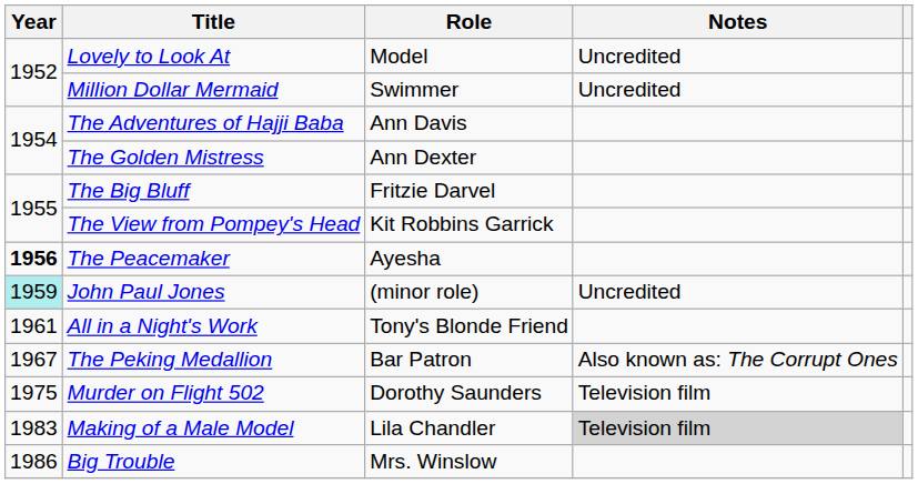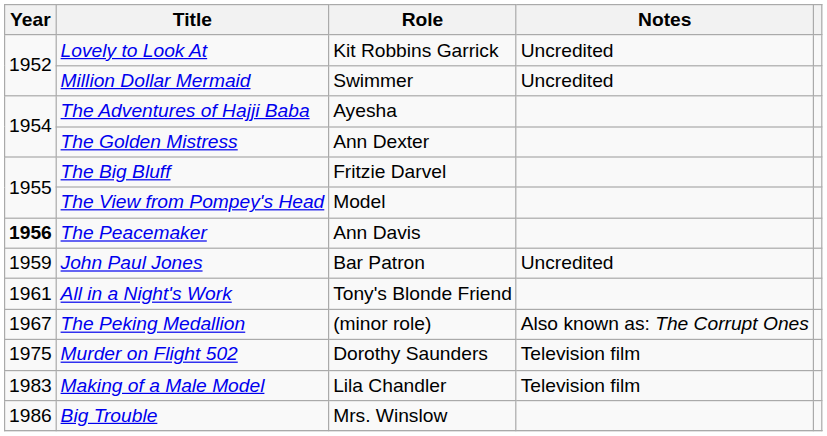 <table class="wikitable sortable">
 <tr>
 <th>Year</th>
 <th>Title</th>
 <th>Role</th>
 <th>Notes</th>
 <th class="unsortable"></th>
 </tr>
 <tr>
 <td rowspan=2>1952</td>
 <td><em><a href='#'>Lovely to Look At</a></em></td>
-<td>Model</td>
+<td>Kit Robbins Garrick</td>
 <td>Uncredited</td>
 <td align=center></td>
 </tr>
 <tr>
 <td><em><a href='#'>Million Dollar Mermaid</a></em></td>
 <td>Swimmer</td>
 <td>Uncredited</td>
 <td align=center></td>
 </tr>
 <tr>
 <td rowspan=2>1954</td>
 <td><em><a href='#'>The Adventures of Hajji Baba</a></em></td>
-<td>Ann Davis</td>
+<td>Ayesha</td>
 <td></td>
 <td align=center></td>
 </tr>
 <tr>
 <td><em><a href='#'>The Golden Mistress</a></em></td>
 <td>Ann Dexter</td>
 <td></td>
 <td align=center></td>
 </tr>
 <tr>
 <td rowspan=2>1955</td>
 <td><em><a href='#'>The Big Bluff</a></em></td>
 <td>Fritzie Darvel</td>
 <td></td>
 <td align=center></td>
 </tr>
 <tr>
 <td><em><a href='#'>The View from Pompey's Head</a></em></td>
-<td>Kit Robbins Garrick</td>
+<td>Model</td>
 <td></td>
 <td align=center></td>
 </tr>
 <tr>
 <td><strong>1956</strong></td>
 <td><em><a href='#'>The Peacemaker</a></em></td>
-<td>Ayesha</td>
+<td>Ann Davis</td>
 <td></td>
 <td align=center></td>
 </tr>
 <tr>
-<td style="background: paleturquoise;">1959</td>
+<td>1959</td>
 <td><em><a href='#'>John Paul Jones</a></em></td>
-<td>(minor role)</td>
+<td>Bar Patron</td>
 <td>Uncredited</td>
 <td align=center></td>
 </tr>
 <tr>
 <td>1961</td>
 <td><em><a href='#'>All in a Night's Work</a></em></td>
 <td>Tony's Blonde Friend</td>
 <td></td>
 <td align=center></td>
 </tr>
 <tr>
 <td>1967</td>
 <td><em><a href='#'>The Peking Medallion</a></em></td>
-<td>Bar Patron</td>
+<td>(minor role)</td>
 <td>Also known as: <em>The Corrupt Ones</em></td>
 <td align=center></td>
 </tr>
 <tr>
 <td>1975</td>
 <td><em><a href='#'>Murder on Flight 502</a></em></td>
 <td>Dorothy Saunders</td>
 <td>Television film</td>
 <td align=center></td>
 </tr>
 <tr>
 <td>1983</td>
 <td><em><a href='#'>Making of a Male Model</a></em></td>
 <td>Lila Chandler</td>
-<td style="background: lightgrey;">Television film</td>
+<td>Television film</td>
 <td align=center></td>
 </tr>
 <tr>
 <td>1986</td>
 <td><em><a href='#'>Big Trouble</a></em></td>
 <td>Mrs. Winslow</td>
 <td></td>
 <td align=center></td>
 </tr>
 <tr>
 </tr>
 </table>
